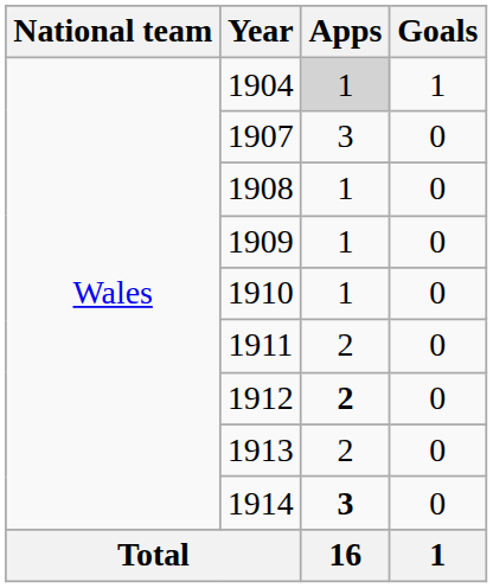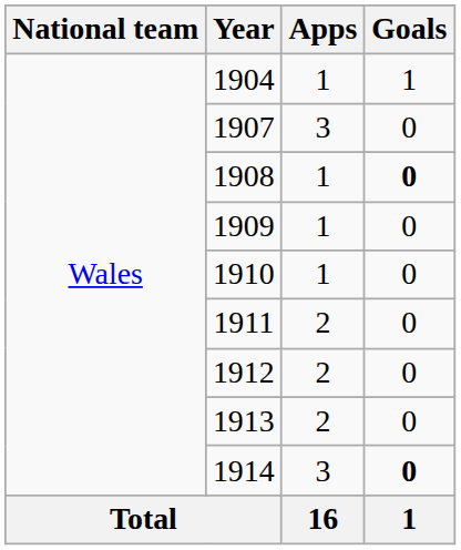 <table class=wikitable style="text-align: center">
 <tr>
 <th>National team</th>
 <th>Year</th>
 <th>Apps</th>
 <th>Goals</th>
 </tr>
 <tr>
 <td rowspan=9><a href='#'>Wales</a></td>
 <td>1904</td>
-<td style="background: lightgrey;">1</td>
+<td>1</td>
 <td>1</td>
 </tr>
 <tr>
 <td>1907</td>
 <td>3</td>
 <td>0</td>
 </tr>
 <tr>
 <td>1908</td>
 <td>1</td>
-<td>0</td>
+<td><strong>0</strong></td>
 </tr>
 <tr>
 <td>1909</td>
 <td>1</td>
 <td>0</td>
 </tr>
 <tr>
 <td>1910</td>
 <td>1</td>
 <td>0</td>
 </tr>
 <tr>
 <td>1911</td>
 <td>2</td>
 <td>0</td>
 </tr>
 <tr>
 <td>1912</td>
-<td><strong>2</strong></td>
+<td>2</td>
 <td>0</td>
 </tr>
 <tr>
 <td>1913</td>
 <td>2</td>
 <td>0</td>
 </tr>
 <tr>
 <td>1914</td>
-<td><strong>3</strong></td>
-<td>0</td>
+<td>3</td>
+<td><strong>0</strong></td>
 </tr>
 <tr>
 <th colspan=2>Total</th>
 <th>16</th>
 <th>1</th>
 </tr>
 </table>
